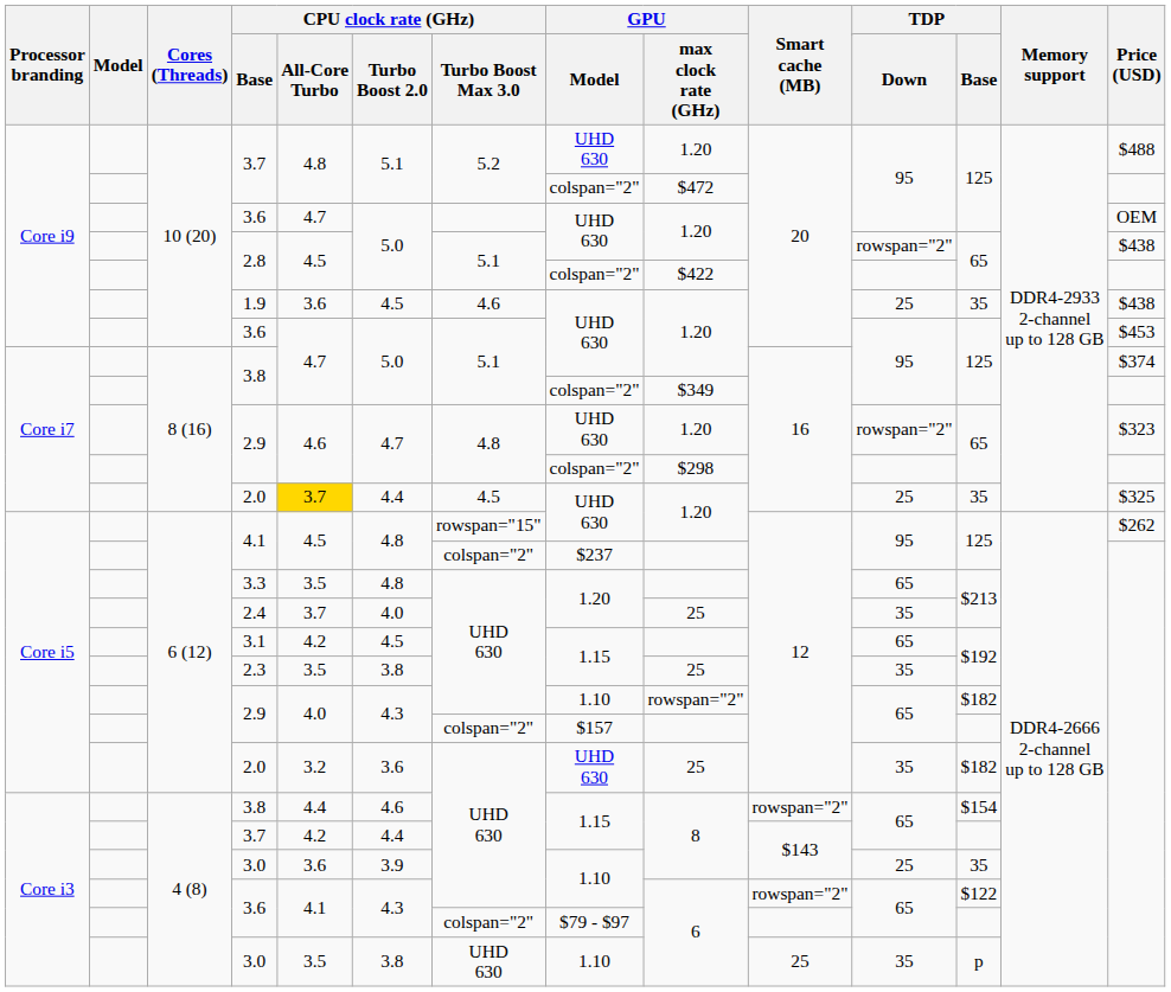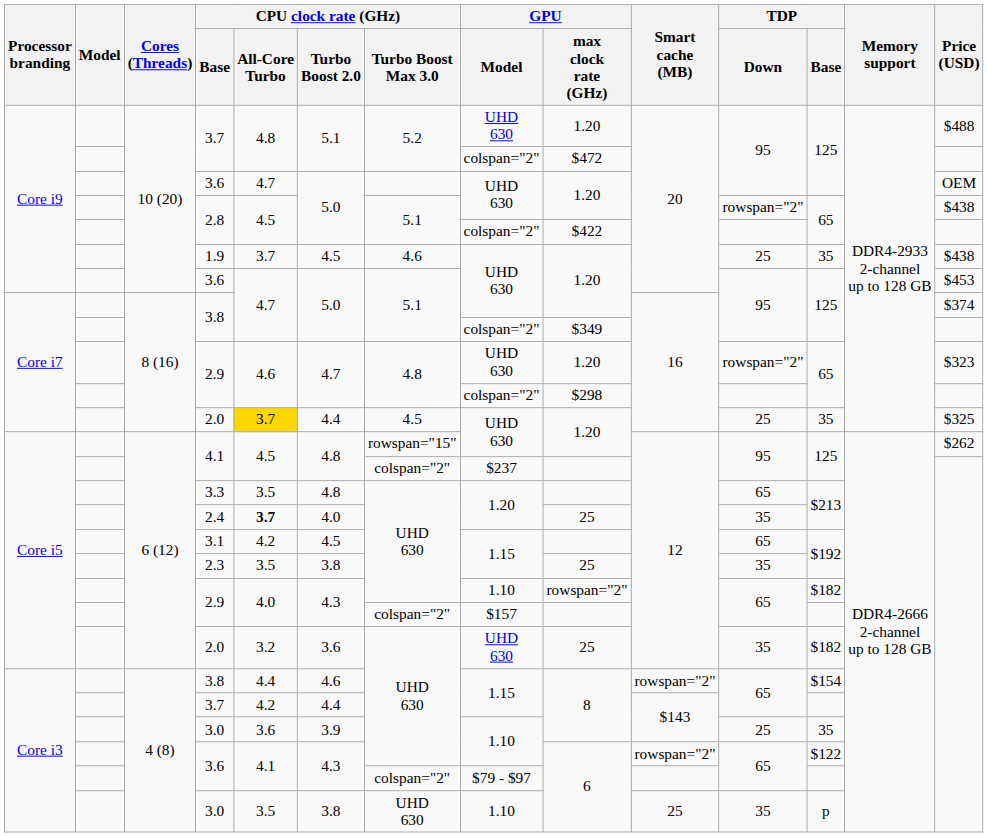 <table class="wikitable sortable" style="text-align: center;">
 <tr>
 <th rowspan="3">Processor<br>branding</th>
 <th rowspan="3">Model</th>
 <th rowspan="3"><a href='#'>Cores</a><br>(<a href='#'>Threads</a>)</th>
 <th colspan="4">CPU <a href='#'>clock rate</a> (GHz)</th>
 <th colspan="2"><a href='#'>GPU</a></th>
 <th rowspan="3">Smart<br>cache<br>(MB)</th>
 <th colspan="2" rowspan="2">TDP</th>
 <th rowspan="3">Memory<br>support</th>
 <th rowspan="3">Price<br>(USD)</th>
 </tr>
 <tr>
 <th rowspan="2">Base</th>
 <th rowspan="2">All-Core<br>Turbo</th>
 <th rowspan="2">Turbo<br>Boost 2.0</th>
 <th rowspan="2">Turbo Boost<br>Max 3.0</th>
 <th rowspan="2">Model</th>
 <th rowspan="2">max<br>clock<br>rate<br>(GHz)</th>
 </tr>
 <tr>
 <th>Down</th>
 <th>Base</th>
 </tr>
 <tr>
 <td rowspan="7"><a href='#'>Core i9</a></td>
 <td></td>
 <td rowspan="7">10 (20)</td>
 <td rowspan="2">3.7</td>
 <td rowspan="2">4.8</td>
 <td rowspan="2">5.1</td>
 <td rowspan="2">5.2</td>
 <td><a href='#'>UHD</a><br><a href='#'>630</a></td>
 <td>1.20</td>
 <td rowspan="7">20</td>
 <td rowspan="3">95</td>
 <td rowspan="3">125</td>
 <td rowspan="12">DDR4-2933<br>2-channel<br>up to 128 GB</td>
 <td>$488</td>
 </tr>
 <tr>
 <td></td>
 <td>colspan="2" </td>
 <td>$472</td>
 </tr>
 <tr>
 <td></td>
 <td>3.6</td>
 <td>4.7</td>
 <td rowspan="3" 5.0>5.0</td>
 <td></td>
 <td rowspan="2">UHD<br>630</td>
 <td rowspan="2">1.20</td>
 <td>OEM</td>
 </tr>
 <tr>
 <td></td>
 <td rowspan="2">2.8</td>
 <td rowspan="2">4.5</td>
 <td rowspan="2">5.1</td>
 <td>rowspan="2" </td>
 <td rowspan="2">65</td>
 <td>$438</td>
 </tr>
 <tr>
 <td></td>
 <td>colspan="2" </td>
 <td>$422</td>
 </tr>
 <tr>
 <td></td>
 <td>1.9</td>
-<td>3.6</td>
+<td>3.7</td>
 <td>4.5</td>
 <td>4.6</td>
 <td rowspan="3">UHD<br>630</td>
 <td rowspan="3">1.20</td>
 <td>25</td>
 <td>35</td>
 <td>$438</td>
 </tr>
 <tr>
 <td></td>
 <td>3.6</td>
 <td rowspan="3">4.7</td>
 <td rowspan="3">5.0</td>
 <td rowspan="3">5.1</td>
 <td rowspan="3">95</td>
 <td rowspan="3">125</td>
 <td>$453</td>
 </tr>
 <tr>
 <td rowspan="5"><a href='#'>Core i7</a></td>
 <td></td>
 <td rowspan="5">8 (16)</td>
 <td rowspan="2">3.8</td>
 <td rowspan="5">16</td>
 <td>$374</td>
 </tr>
 <tr>
 <td></td>
 <td>colspan="2" </td>
 <td>$349</td>
 </tr>
 <tr>
 <td></td>
 <td rowspan="2">2.9</td>
 <td rowspan="2">4.6</td>
 <td rowspan="2">4.7</td>
 <td rowspan="2">4.8</td>
 <td>UHD<br>630</td>
 <td>1.20</td>
 <td>rowspan="2" </td>
 <td rowspan="2">65</td>
 <td>$323</td>
 </tr>
 <tr>
 <td></td>
 <td>colspan="2" </td>
 <td>$298</td>
 </tr>
 <tr>
 <td></td>
 <td>2.0</td>
 <td style="background: gold;">3.7</td>
 <td>4.4</td>
 <td>4.5</td>
 <td rowspan="2">UHD<br>630</td>
 <td rowspan="2">1.20</td>
 <td>25</td>
 <td>35</td>
 <td>$325</td>
 </tr>
 <tr>
 <td rowspan="9"><a href='#'>Core i5</a></td>
 <td></td>
 <td rowspan="9">6 (12)</td>
 <td rowspan="2">4.1</td>
 <td rowspan="2">4.5</td>
 <td rowspan="2">4.8</td>
 <td>rowspan="15" </td>
 <td rowspan="9">12</td>
 <td rowspan="2">95</td>
 <td rowspan="2">125</td>
 <td rowspan="15">DDR4-2666<br>2-channel<br>up to 128 GB</td>
 <td>$262</td>
 </tr>
 <tr>
 <td></td>
 <td>colspan="2" </td>
 <td>$237</td>
 </tr>
 <tr>
 <td></td>
 <td>3.3</td>
 <td>3.5</td>
 <td>4.8</td>
 <td rowspan="5">UHD<br>630</td>
 <td rowspan="2">1.20</td>
 <td></td>
 <td>65</td>
 <td rowspan="2">$213</td>
 </tr>
 <tr>
 <td></td>
 <td>2.4</td>
-<td>3.7</td>
+<td><strong>3.7</strong></td>
 <td>4.0</td>
 <td>25</td>
 <td>35</td>
 </tr>
 <tr>
 <td></td>
 <td>3.1</td>
 <td>4.2</td>
 <td>4.5</td>
 <td rowspan="2">1.15</td>
 <td></td>
 <td>65</td>
 <td rowspan="2">$192</td>
 </tr>
 <tr>
 <td></td>
 <td>2.3</td>
 <td>3.5</td>
 <td>3.8</td>
 <td>25</td>
 <td>35</td>
 </tr>
 <tr>
 <td></td>
 <td rowspan="2">2.9</td>
 <td rowspan="2">4.0</td>
 <td rowspan="2">4.3</td>
 <td>1.10</td>
 <td>rowspan="2" </td>
 <td rowspan="2">65</td>
 <td>$182</td>
 </tr>
 <tr>
 <td></td>
 <td>colspan="2" </td>
 <td>$157</td>
 </tr>
 <tr>
 <td></td>
 <td>2.0</td>
 <td>3.2</td>
 <td>3.6</td>
 <td rowspan="5">UHD<br>630</td>
 <td><a href='#'>UHD</a><br><a href='#'>630</a></td>
 <td>25</td>
 <td>35</td>
 <td>$182</td>
 </tr>
 <tr>
 <td rowspan="6"><a href='#'>Core i3</a></td>
 <td></td>
 <td rowspan="6">4 (8)</td>
 <td>3.8</td>
 <td>4.4</td>
 <td>4.6</td>
 <td rowspan="2">1.15</td>
 <td rowspan="3">8</td>
 <td>rowspan="2" </td>
 <td rowspan="2">65</td>
 <td>$154</td>
 </tr>
 <tr>
 <td></td>
 <td>3.7</td>
 <td>4.2</td>
 <td>4.4</td>
 <td rowspan="2">$143</td>
 </tr>
 <tr>
 <td></td>
 <td>3.0</td>
 <td>3.6</td>
 <td>3.9</td>
 <td rowspan="2">1.10</td>
 <td>25</td>
 <td>35</td>
 </tr>
 <tr>
 <td></td>
 <td rowspan="2">3.6</td>
 <td rowspan="2">4.1</td>
 <td rowspan="2">4.3</td>
 <td rowspan="3">6</td>
 <td>rowspan="2" </td>
 <td rowspan="2">65</td>
 <td>$122</td>
 </tr>
 <tr>
 <td></td>
 <td>colspan="2" </td>
 <td>$79 - $97</td>
 </tr>
 <tr>
 <td></td>
 <td>3.0</td>
 <td>3.5</td>
 <td>3.8</td>
 <td>UHD<br>630</td>
 <td>1.10</td>
 <td>25</td>
 <td>35</td>
 <td>p</td>
 </tr>
 </table>
